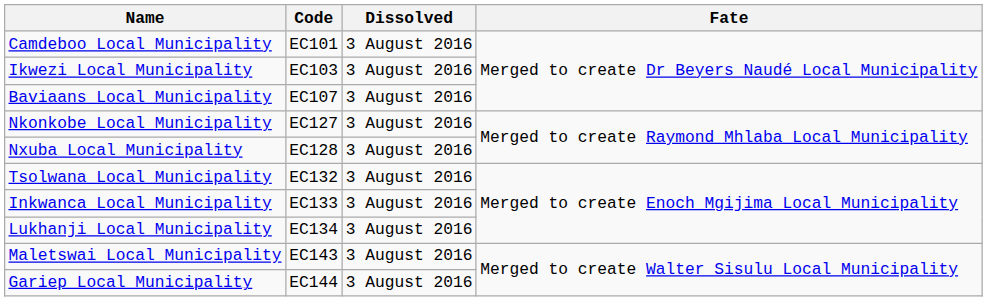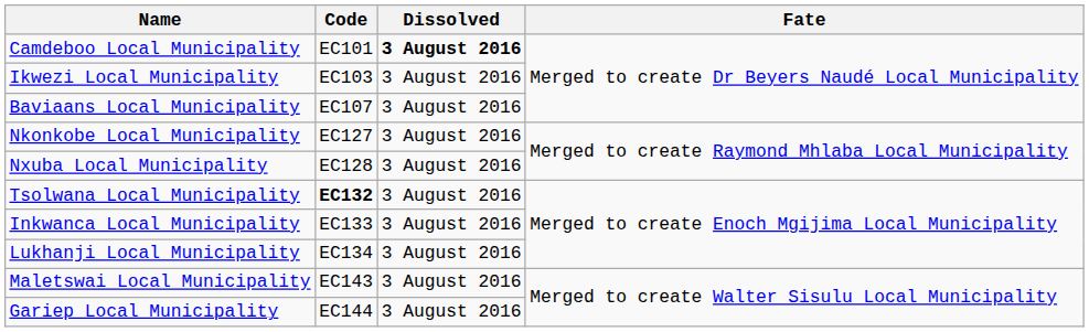 <table class="wikitable">
 <tr>
 <th>Name</th>
 <th>Code</th>
 <th>Dissolved</th>
 <th>Fate</th>
 </tr>
 <tr>
 <td><a href='#'>Camdeboo Local Municipality</a></td>
 <td>EC101</td>
-<td>3 August 2016</td>
+<td><strong>3 August 2016</strong></td>
 <td rowspan=3>Merged to create <a href='#'>Dr Beyers Naudé Local Municipality</a></td>
 </tr>
 <tr>
 <td><a href='#'>Ikwezi Local Municipality</a></td>
 <td>EC103</td>
 <td>3 August 2016</td>
 </tr>
 <tr>
 <td><a href='#'>Baviaans Local Municipality</a></td>
 <td>EC107</td>
 <td>3 August 2016</td>
 </tr>
 <tr>
 <td><a href='#'>Nkonkobe Local Municipality</a></td>
 <td>EC127</td>
 <td>3 August 2016</td>
 <td rowspan=2>Merged to create <a href='#'>Raymond Mhlaba Local Municipality</a></td>
 </tr>
 <tr>
 <td><a href='#'>Nxuba Local Municipality</a></td>
 <td>EC128</td>
 <td>3 August 2016</td>
 </tr>
 <tr>
 <td><a href='#'>Tsolwana Local Municipality</a></td>
-<td>EC132</td>
+<td><strong>EC132</strong></td>
 <td>3 August 2016</td>
 <td rowspan=3>Merged to create <a href='#'>Enoch Mgijima Local Municipality</a></td>
 </tr>
 <tr>
 <td><a href='#'>Inkwanca Local Municipality</a></td>
 <td>EC133</td>
 <td>3 August 2016</td>
 </tr>
 <tr>
 <td><a href='#'>Lukhanji Local Municipality</a></td>
 <td>EC134</td>
 <td>3 August 2016</td>
 </tr>
 <tr>
 <td><a href='#'>Maletswai Local Municipality</a></td>
 <td>EC143</td>
 <td>3 August 2016</td>
 <td rowspan=2>Merged to create <a href='#'>Walter Sisulu Local Municipality</a></td>
 </tr>
 <tr>
 <td><a href='#'>Gariep Local Municipality</a></td>
 <td>EC144</td>
 <td>3 August 2016</td>
 </tr>
 </table>
